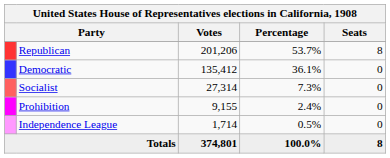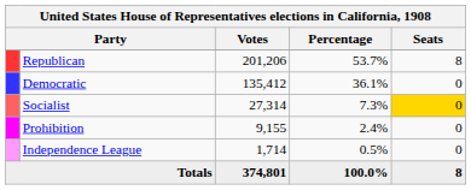 <table class="wikitable" style="font-size: 95%;">
 <tr>
 <th colspan="6">United States House of Representatives elections in California, 1908</th>
 </tr>
 <tr>
 <th colspan=2 style="width: 15em">Party</th>
 <th style="width: 5em">Votes</th>
 <th style="width: 7em">Percentage</th>
 <th style="width: 5em">Seats</th>
 </tr>
 <tr>
 </tr>
 <tr>
 <th style="background-color:#FF3333; width: 3px"></th>
 <td style="width: 130px"><a href='#'>Republican</a></td>
 <td align="right">201,206</td>
 <td align="right">53.7%</td>
 <td align="right">8</td>
 </tr>
 <tr>
 <th style="background-color:#3333FF; width: 3px"></th>
 <td style="width: 130px"><a href='#'>Democratic</a></td>
 <td align="right">135,412</td>
 <td align="right">36.1%</td>
 <td align="right">0</td>
 </tr>
 <tr>
 <th style="background-color:#FF6060; width: 3px"></th>
 <td style="width: 130px"><a href='#'>Socialist</a></td>
 <td align="right">27,314</td>
 <td align="right">7.3%</td>
-<td align="right">0</td>
+<td align="right" style="background: gold;">0</td>
 </tr>
 <tr>
 <th style="background-color:#FF00FF; width: 3px"></th>
 <td style="width: 130px"><a href='#'>Prohibition</a></td>
 <td align="right">9,155</td>
 <td align="right">2.4%</td>
 <td align="right">0</td>
 </tr>
 <tr>
 <th style="background-color:#FF99FF; width: 3px"></th>
 <td style="width: 130px"><a href='#'>Independence League</a></td>
 <td align="right">1,714</td>
 <td align="right">0.5%</td>
 <td align="right">0</td>
 </tr>
 <tr bgcolor="#EEEEEE">
 <td colspan="2" align="right"><strong>Totals</strong></td>
 <td align="right"><strong>374,801</strong></td>
 <td align="right"><strong>100.0%</strong></td>
 <td align="right"><strong>8</strong></td>
 </tr>
 </table>
